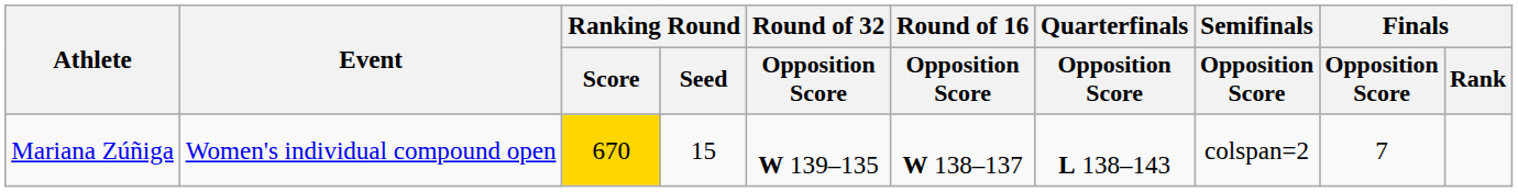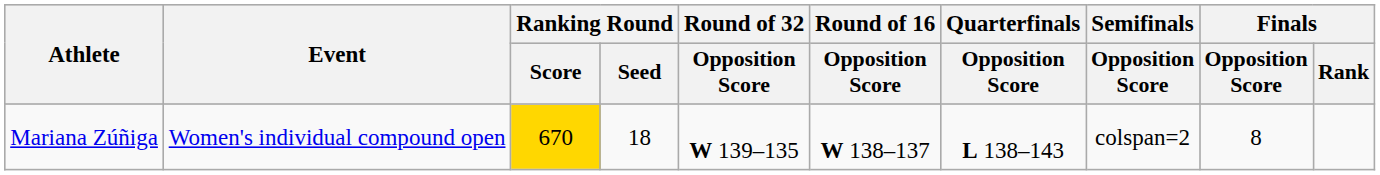 <table class="wikitable" style="text-align: center; font-size:90%">
 <tr>
 <th rowspan="2">Athlete</th>
 <th rowspan="2">Event</th>
 <th colspan="2">Ranking Round</th>
 <th>Round of 32</th>
 <th>Round of 16</th>
 <th>Quarterfinals</th>
 <th>Semifinals</th>
 <th colspan="2">Finals</th>
 </tr>
 <tr style="font-size:95%">
 <th>Score</th>
 <th>Seed</th>
 <th>Opposition<br>Score</th>
 <th>Opposition<br>Score</th>
 <th>Opposition<br>Score</th>
 <th>Opposition<br>Score</th>
 <th>Opposition<br>Score</th>
 <th>Rank</th>
 </tr>
 <tr>
 <td align=left><a href='#'>Mariana Zúñiga</a></td>
 <td align=left><a href='#'>Women's individual compound open</a></td>
 <td style="background: gold;">670</td>
-<td>15</td>
+<td>18</td>
 <td><br> <strong>W</strong> 139–135</td>
 <td><br> <strong>W</strong> 138–137</td>
 <td><br> <strong>L</strong> 138–143</td>
 <td>colspan=2 </td>
-<td>7</td>
+<td>8</td>
 </tr>
 </table>
